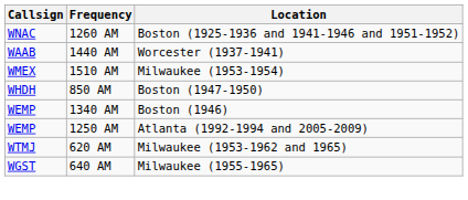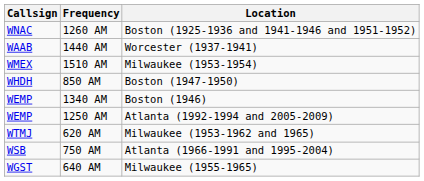 <table class="wikitable">
 <tr>
 <th>Callsign</th>
 <th>Frequency</th>
 <th>Location</th>
 </tr>
 <tr>
 <td><a href='#'>WNAC</a></td>
 <td>1260 AM</td>
 <td>Boston (1925-1936 and 1941-1946 and 1951-1952)</td>
 </tr>
 <tr>
 <td><a href='#'>WAAB</a></td>
 <td>1440 AM</td>
 <td>Worcester (1937-1941)</td>
 </tr>
 <tr>
 <td><a href='#'>WMEX</a></td>
 <td>1510 AM</td>
 <td>Milwaukee (1953-1954)</td>
 </tr>
 <tr>
 <td><a href='#'>WHDH</a></td>
 <td>850 AM</td>
 <td>Boston (1947-1950)</td>
 </tr>
 <tr>
 <td><a href='#'>WEMP</a></td>
 <td>1340 AM</td>
 <td>Boston (1946)</td>
 </tr>
 <tr>
 <td><a href='#'>WEMP</a></td>
 <td>1250 AM</td>
 <td>Atlanta (1992-1994 and 2005-2009)</td>
 </tr>
 <tr>
 <td><a href='#'>WTMJ</a></td>
 <td>620 AM</td>
 <td>Milwaukee (1953-1962 and 1965)</td>
 </tr>
 <tr>
+<td><a href='#'>WSB</a></td>
+<td>750 AM</td>
+<td>Atlanta (1966-1991 and 1995-2004)</td>
+</tr>
+<tr>
 <td><a href='#'>WGST</a></td>
 <td>640 AM</td>
 <td>Milwaukee (1955-1965)</td>
 </tr>
 </table>
